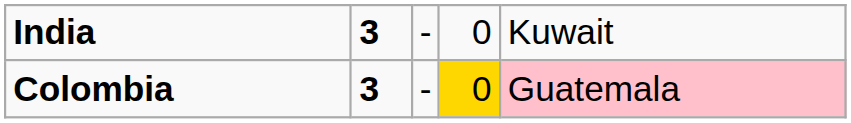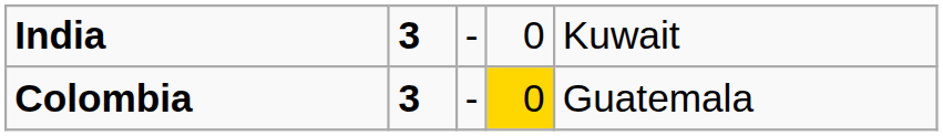 <table class="wikitable">
 <tr>
 <td width=150> <strong>India</strong></td>
 <td style="width:20px; text-align:left;"><strong>3</strong></td>
 <td>-</td>
 <td style="width:20px; text-align:right;">0</td>
 <td width=150> Kuwait</td>
 </tr>
 <tr>
 <td> <strong>Colombia</strong></td>
 <td style="text-align:left;"><strong>3</strong></td>
 <td>-</td>
 <td style="background: gold; text-align:right;">0</td>
-<td style="background: pink;"> Guatemala</td>
+<td> Guatemala</td>
 </tr>
 </table>
